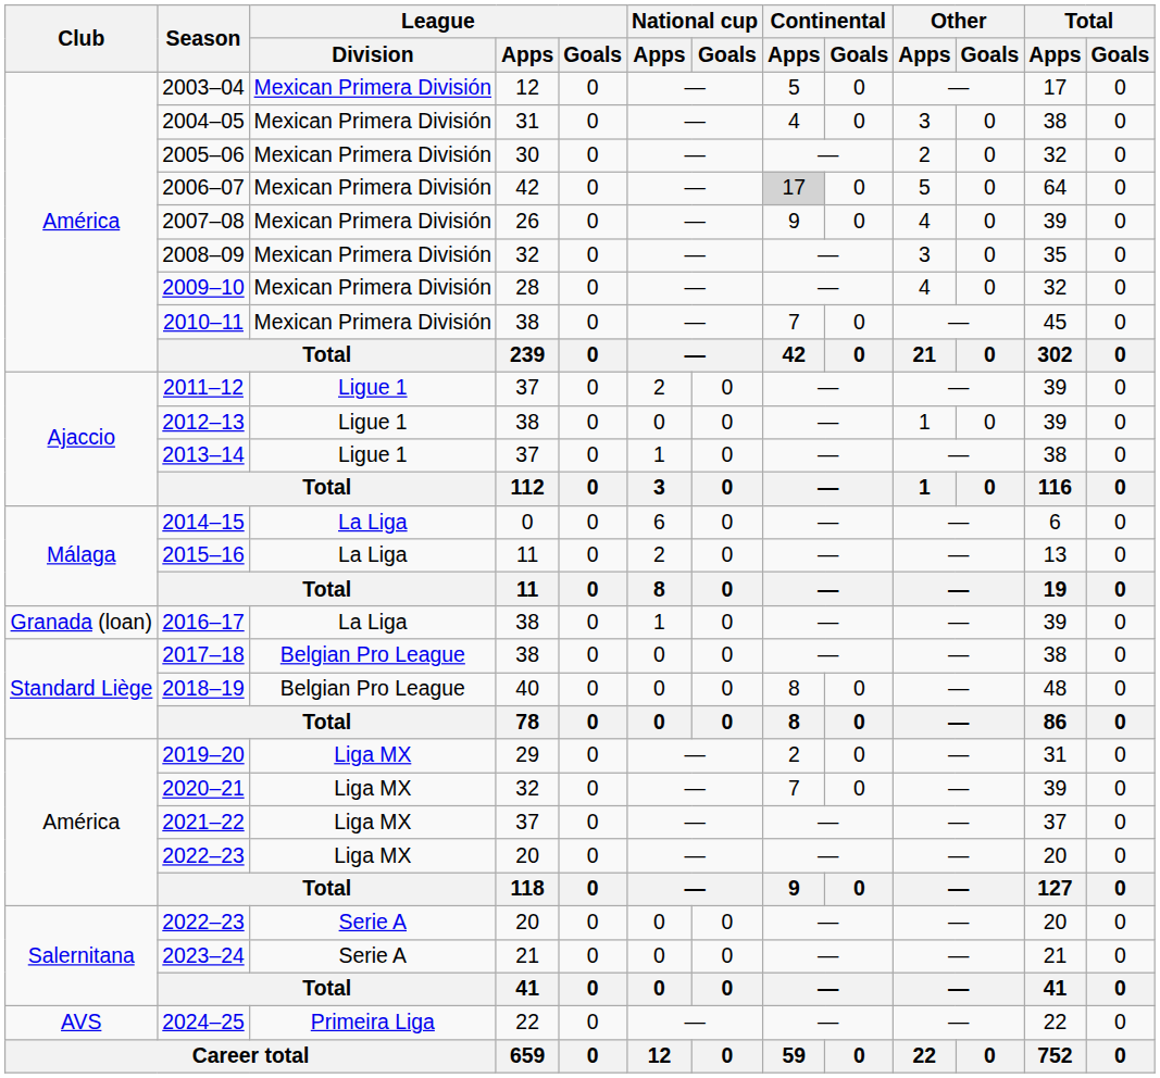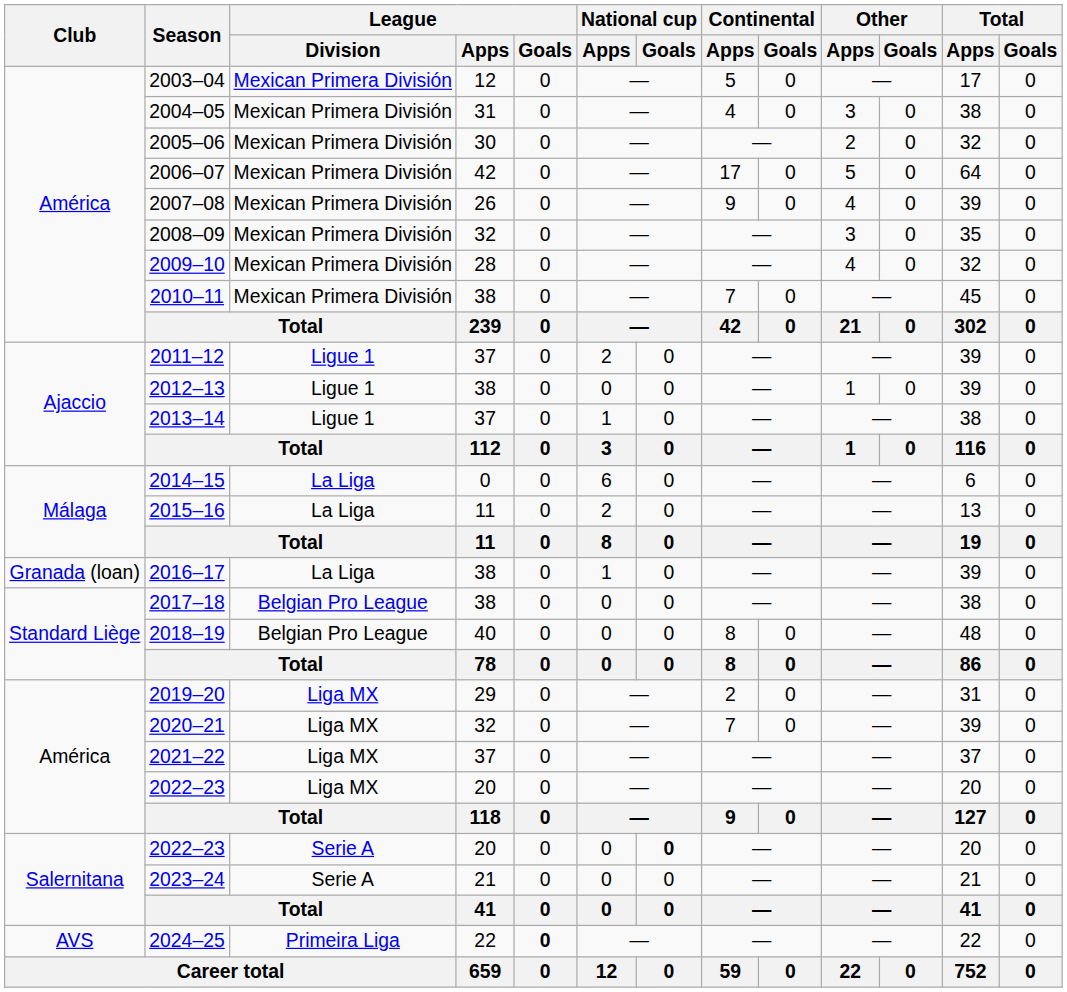 <table class="wikitable" style="text-align:center">
 <tr>
 <th rowspan="2">Club</th>
 <th rowspan="2">Season</th>
 <th colspan="3">League</th>
 <th colspan="2">National cup</th>
 <th colspan="2">Continental</th>
 <th colspan="2">Other</th>
 <th colspan="2">Total</th>
 </tr>
 <tr>
 <th>Division</th>
 <th>Apps</th>
 <th>Goals</th>
 <th>Apps</th>
 <th>Goals</th>
 <th>Apps</th>
 <th>Goals</th>
 <th>Apps</th>
 <th>Goals</th>
 <th>Apps</th>
 <th>Goals</th>
 </tr>
 <tr>
 <td rowspan="9"><a href='#'>América</a></td>
 <td>2003–04</td>
 <td><a href='#'>Mexican Primera División</a></td>
 <td>12</td>
 <td>0</td>
 <td colspan="2">—</td>
 <td>5</td>
 <td>0</td>
 <td colspan="2">—</td>
 <td>17</td>
 <td>0</td>
 </tr>
 <tr>
 <td>2004–05</td>
 <td>Mexican Primera División</td>
 <td>31</td>
 <td>0</td>
 <td colspan="2">—</td>
 <td>4</td>
 <td>0</td>
 <td>3</td>
 <td>0</td>
 <td>38</td>
 <td>0</td>
 </tr>
 <tr>
 <td>2005–06</td>
 <td>Mexican Primera División</td>
 <td>30</td>
 <td>0</td>
 <td colspan="2">—</td>
 <td colspan="2">—</td>
 <td>2</td>
 <td>0</td>
 <td>32</td>
 <td>0</td>
 </tr>
 <tr>
 <td>2006–07</td>
 <td>Mexican Primera División</td>
 <td>42</td>
 <td>0</td>
 <td colspan="2">—</td>
-<td style="background: lightgrey;">17</td>
+<td>17</td>
 <td>0</td>
 <td>5</td>
 <td>0</td>
 <td>64</td>
 <td>0</td>
 </tr>
 <tr>
 <td>2007–08</td>
 <td>Mexican Primera División</td>
 <td>26</td>
 <td>0</td>
 <td colspan="2">—</td>
 <td>9</td>
 <td>0</td>
 <td>4</td>
 <td>0</td>
 <td>39</td>
 <td>0</td>
 </tr>
 <tr>
 <td>2008–09</td>
 <td>Mexican Primera División</td>
 <td>32</td>
 <td>0</td>
 <td colspan="2">—</td>
 <td colspan="2">—</td>
 <td>3</td>
 <td>0</td>
 <td>35</td>
 <td>0</td>
 </tr>
 <tr>
 <td><a href='#'>2009–10</a></td>
 <td>Mexican Primera División</td>
 <td>28</td>
 <td>0</td>
 <td colspan="2">—</td>
 <td colspan="2">—</td>
 <td>4</td>
 <td>0</td>
 <td>32</td>
 <td>0</td>
 </tr>
 <tr>
 <td><a href='#'>2010–11</a></td>
 <td>Mexican Primera División</td>
 <td>38</td>
 <td>0</td>
 <td colspan="2">—</td>
 <td>7</td>
 <td>0</td>
 <td colspan="2">—</td>
 <td>45</td>
 <td>0</td>
 </tr>
 <tr>
 <th colspan="2">Total</th>
 <th>239</th>
 <th>0</th>
 <th colspan="2">—</th>
 <th>42</th>
 <th>0</th>
 <th>21</th>
 <th>0</th>
 <th>302</th>
 <th>0</th>
 </tr>
 <tr>
 <td rowspan="4"><a href='#'>Ajaccio</a></td>
 <td><a href='#'>2011–12</a></td>
 <td><a href='#'>Ligue 1</a></td>
 <td>37</td>
 <td>0</td>
 <td>2</td>
 <td>0</td>
 <td colspan="2">—</td>
 <td colspan="2">—</td>
 <td>39</td>
 <td>0</td>
 </tr>
 <tr>
 <td><a href='#'>2012–13</a></td>
 <td>Ligue 1</td>
 <td>38</td>
 <td>0</td>
 <td>0</td>
 <td>0</td>
 <td colspan="2">—</td>
 <td>1</td>
 <td>0</td>
 <td>39</td>
 <td>0</td>
 </tr>
 <tr>
 <td><a href='#'>2013–14</a></td>
 <td>Ligue 1</td>
 <td>37</td>
 <td>0</td>
 <td>1</td>
 <td>0</td>
 <td colspan="2">—</td>
 <td colspan="2">—</td>
 <td>38</td>
 <td>0</td>
 </tr>
 <tr>
 <th colspan="2">Total</th>
 <th>112</th>
 <th>0</th>
 <th>3</th>
 <th>0</th>
 <th colspan=2>—</th>
 <th>1</th>
 <th>0</th>
 <th>116</th>
 <th>0</th>
 </tr>
 <tr>
 <td rowspan="3"><a href='#'>Málaga</a></td>
 <td><a href='#'>2014–15</a></td>
 <td><a href='#'>La Liga</a></td>
 <td>0</td>
 <td>0</td>
 <td>6</td>
 <td>0</td>
 <td colspan="2">—</td>
 <td colspan="2">—</td>
 <td>6</td>
 <td>0</td>
 </tr>
 <tr>
 <td><a href='#'>2015–16</a></td>
 <td>La Liga</td>
 <td>11</td>
 <td>0</td>
 <td>2</td>
 <td>0</td>
 <td colspan="2">—</td>
 <td colspan="2">—</td>
 <td>13</td>
 <td>0</td>
 </tr>
 <tr>
 <th colspan="2">Total</th>
 <th>11</th>
 <th>0</th>
 <th>8</th>
 <th>0</th>
 <th colspan=2>—</th>
 <th colspan=2>—</th>
 <th>19</th>
 <th>0</th>
 </tr>
 <tr>
 <td><a href='#'>Granada</a> (loan)</td>
 <td><a href='#'>2016–17</a></td>
 <td>La Liga</td>
 <td>38</td>
 <td>0</td>
 <td>1</td>
 <td>0</td>
 <td colspan="2">—</td>
 <td colspan="2">—</td>
 <td>39</td>
 <td>0</td>
 </tr>
 <tr>
 <td rowspan="3"><a href='#'>Standard Liège</a></td>
 <td><a href='#'>2017–18</a></td>
 <td><a href='#'>Belgian Pro League</a></td>
 <td>38</td>
 <td>0</td>
 <td>0</td>
 <td>0</td>
 <td colspan="2">—</td>
 <td colspan="2">—</td>
 <td>38</td>
 <td>0</td>
 </tr>
 <tr>
 <td><a href='#'>2018–19</a></td>
 <td>Belgian Pro League</td>
 <td>40</td>
 <td>0</td>
 <td>0</td>
 <td>0</td>
 <td>8</td>
 <td>0</td>
 <td colspan="2">—</td>
 <td>48</td>
 <td>0</td>
 </tr>
 <tr>
 <th colspan="2">Total</th>
 <th>78</th>
 <th>0</th>
 <th>0</th>
 <th>0</th>
 <th>8</th>
 <th>0</th>
 <th colspan=2>—</th>
 <th>86</th>
 <th>0</th>
 </tr>
 <tr>
 <td rowspan="5">América</td>
 <td><a href='#'>2019–20</a></td>
 <td><a href='#'>Liga MX</a></td>
 <td>29</td>
 <td>0</td>
 <td colspan="2">—</td>
 <td>2</td>
 <td>0</td>
 <td colspan="2">—</td>
 <td>31</td>
 <td>0</td>
 </tr>
 <tr>
 <td><a href='#'>2020–21</a></td>
 <td>Liga MX</td>
 <td>32</td>
 <td>0</td>
 <td colspan="2">—</td>
 <td>7</td>
 <td>0</td>
 <td colspan="2">—</td>
 <td>39</td>
 <td>0</td>
 </tr>
 <tr>
 <td><a href='#'>2021–22</a></td>
 <td>Liga MX</td>
 <td>37</td>
 <td>0</td>
 <td colspan="2">—</td>
 <td colspan="2">—</td>
 <td colspan="2">—</td>
 <td>37</td>
 <td>0</td>
 </tr>
 <tr>
 <td><a href='#'>2022–23</a></td>
 <td>Liga MX</td>
 <td>20</td>
 <td>0</td>
 <td colspan="2">—</td>
 <td colspan="2">—</td>
 <td colspan="2">—</td>
 <td>20</td>
 <td>0</td>
 </tr>
 <tr>
 <th colspan="2">Total</th>
 <th>118</th>
 <th>0</th>
 <th colspan="2">—</th>
 <th>9</th>
 <th>0</th>
 <th colspan="2">—</th>
 <th>127</th>
 <th>0</th>
 </tr>
 <tr>
 <td rowspan="3"><a href='#'>Salernitana</a></td>
 <td><a href='#'>2022–23</a></td>
 <td><a href='#'>Serie A</a></td>
 <td>20</td>
 <td>0</td>
 <td>0</td>
-<td>0</td>
+<td><strong>0</strong></td>
 <td colspan="2">—</td>
 <td colspan="2">—</td>
 <td>20</td>
 <td>0</td>
 </tr>
 <tr>
 <td><a href='#'>2023–24</a></td>
 <td>Serie A</td>
 <td>21</td>
 <td>0</td>
 <td>0</td>
 <td>0</td>
 <td colspan="2">—</td>
 <td colspan="2">—</td>
 <td>21</td>
 <td>0</td>
 </tr>
 <tr>
 <th colspan="2">Total</th>
 <th>41</th>
 <th>0</th>
 <th>0</th>
 <th>0</th>
 <th colspan="2">—</th>
 <th colspan="2">—</th>
 <th>41</th>
 <th>0</th>
 </tr>
 <tr>
 <td><a href='#'>AVS</a></td>
 <td><a href='#'>2024–25</a></td>
 <td><a href='#'>Primeira Liga</a></td>
 <td>22</td>
-<td>0</td>
+<td><strong>0</strong></td>
 <td colspan="2">—</td>
 <td colspan="2">—</td>
 <td colspan="2">—</td>
 <td>22</td>
 <td>0</td>
 </tr>
 <tr>
 <th colspan="3">Career total</th>
 <th>659</th>
 <th>0</th>
 <th>12</th>
 <th>0</th>
 <th>59</th>
 <th>0</th>
 <th>22</th>
 <th>0</th>
 <th>752</th>
 <th>0</th>
 </tr>
 </table>
